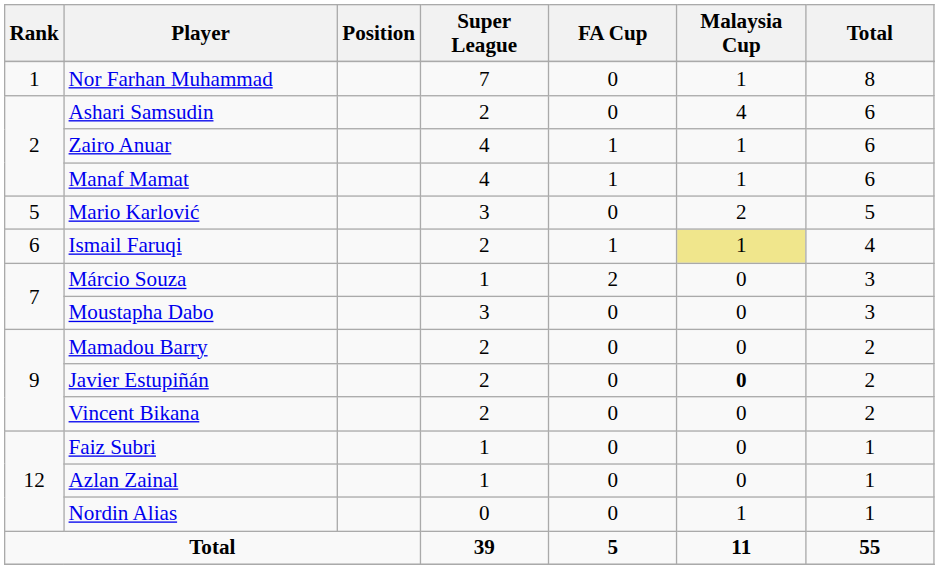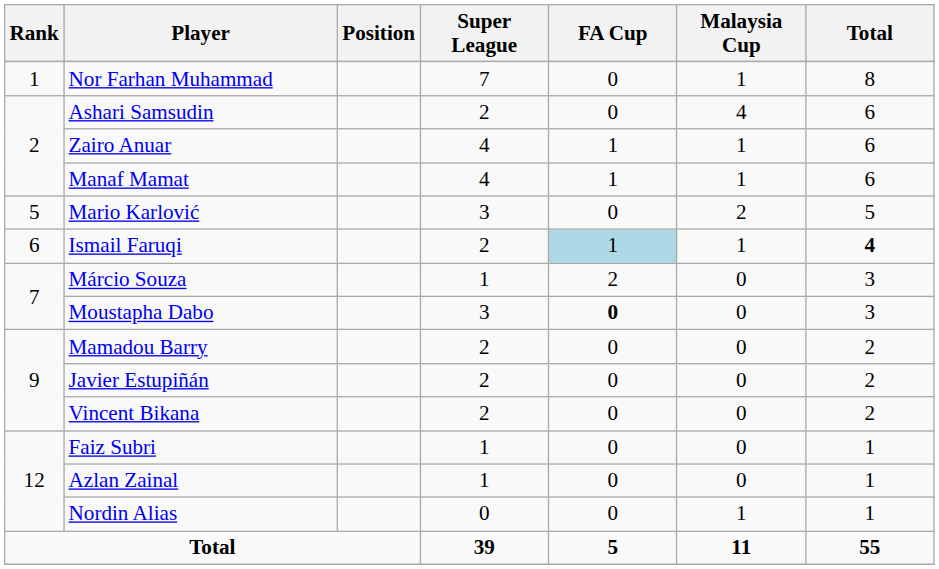 <table class="wikitable">
 <tr>
 <th>Rank</th>
 <th style="width:200px;">Player</th>
 <th>Position</th>
 <th style="width:90px;">Super League</th>
 <th style="width:90px;">FA Cup</th>
 <th style="width:90px;">Malaysia Cup</th>
 <th style="width:90px;">Total</th>
 </tr>
 <tr>
 </tr>
 <tr>
 <td align=center rowspan=1>1</td>
 <td> <a href='#'>Nor Farhan Muhammad</a></td>
 <td align=center></td>
 <td align=center>7</td>
 <td align=center>0</td>
 <td align=center>1</td>
 <td align=center>8</td>
 </tr>
 <tr>
 <td align=center rowspan=3>2</td>
 <td> <a href='#'>Ashari Samsudin</a></td>
 <td align=center></td>
 <td align=center>2</td>
 <td align=center>0</td>
 <td align=center>4</td>
 <td align=center>6</td>
 </tr>
 <tr>
 <td> <a href='#'>Zairo Anuar</a></td>
 <td align=center></td>
 <td align=center>4</td>
 <td align=center>1</td>
 <td align=center>1</td>
 <td align=center>6</td>
 </tr>
 <tr>
 <td> <a href='#'>Manaf Mamat</a></td>
 <td align=center></td>
 <td align=center>4</td>
 <td align=center>1</td>
 <td align=center>1</td>
 <td align=center>6</td>
 </tr>
 <tr>
 <td align=center rowspan=1>5</td>
 <td> <a href='#'>Mario Karlović</a></td>
 <td align=center></td>
 <td align=center>3</td>
 <td align=center>0</td>
 <td align=center>2</td>
 <td align=center>5</td>
 </tr>
 <tr>
 <td align=center rowspan=1>6</td>
 <td> <a href='#'>Ismail Faruqi</a></td>
 <td align=center></td>
 <td align=center>2</td>
+<td align=center style="background: lightblue;">1</td>
 <td align=center>1</td>
-<td align=center style="background: khaki;">1</td>
-<td align=center>4</td>
+<td align=center><strong>4</strong></td>
 </tr>
 <tr>
 <td align=center rowspan=2>7</td>
 <td> <a href='#'>Márcio Souza</a></td>
 <td align=center></td>
 <td align=center>1</td>
 <td align=center>2</td>
 <td align=center>0</td>
 <td align=center>3</td>
 </tr>
 <tr>
 <td> <a href='#'>Moustapha Dabo</a></td>
 <td align=center></td>
 <td align=center>3</td>
-<td align=center>0</td>
+<td align=center><strong>0</strong></td>
 <td align=center>0</td>
 <td align=center>3</td>
 </tr>
 <tr>
 <td align=center rowspan=3>9</td>
 <td> <a href='#'>Mamadou Barry</a></td>
 <td align=center></td>
 <td align=center>2</td>
 <td align=center>0</td>
 <td align=center>0</td>
 <td align=center>2</td>
 </tr>
 <tr>
 <td> <a href='#'>Javier Estupiñán</a></td>
 <td align=center></td>
 <td align=center>2</td>
 <td align=center>0</td>
-<td align=center><strong>0</strong></td>
+<td align=center>0</td>
 <td align=center>2</td>
 </tr>
 <tr>
 <td> <a href='#'>Vincent Bikana</a></td>
 <td align=center></td>
 <td align=center>2</td>
 <td align=center>0</td>
 <td align=center>0</td>
 <td align=center>2</td>
 </tr>
 <tr>
 <td align=center rowspan=3>12</td>
 <td> <a href='#'>Faiz Subri</a></td>
 <td align=center></td>
 <td align=center>1</td>
 <td align=center>0</td>
 <td align=center>0</td>
 <td align=center>1</td>
 </tr>
 <tr>
 <td> <a href='#'>Azlan Zainal</a></td>
 <td align=center></td>
 <td align=center>1</td>
 <td align=center>0</td>
 <td align=center>0</td>
 <td align=center>1</td>
 </tr>
 <tr>
 <td> <a href='#'>Nordin Alias</a></td>
 <td align=center></td>
 <td align=center>0</td>
 <td align=center>0</td>
 <td align=center>1</td>
 <td align=center>1</td>
 </tr>
 <tr>
 <td align=center colspan=3><strong>Total</strong></td>
 <td align=center><strong>39</strong></td>
 <td align=center><strong>5</strong></td>
 <td align=center><strong>11</strong></td>
 <td align=center><strong>55</strong></td>
 </tr>
 <tr>
 </tr>
 </table>
